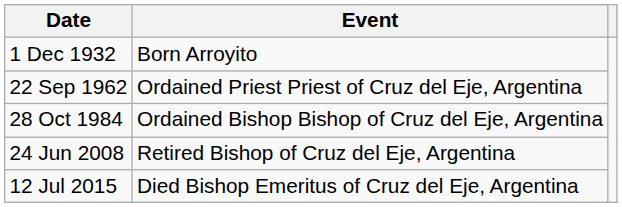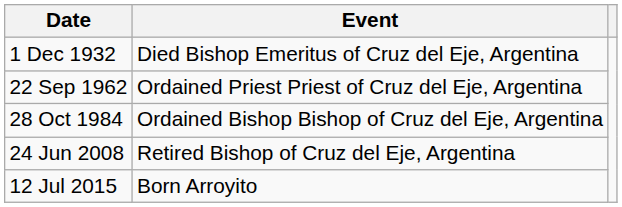 <table class="wikitable">
 <tr>
 <th>Date</th>
 <th>Event</th>
 <th></th>
 </tr>
 <tr>
 <td>1 Dec 1932</td>
-<td>Born Arroyito</td>
+<td>Died	Bishop Emeritus of Cruz del Eje, Argentina</td>
 </tr>
 <tr>
 <td>22 Sep 1962</td>
 <td>Ordained Priest Priest of Cruz del Eje, Argentina</td>
 </tr>
 <tr>
 <td>28 Oct 1984</td>
 <td>Ordained Bishop	Bishop of Cruz del Eje, Argentina</td>
 </tr>
 <tr>
 <td>24 Jun 2008</td>
 <td>Retired	Bishop of Cruz del Eje, Argentina</td>
 </tr>
 <tr>
 <td>12 Jul 2015</td>
-<td>Died	Bishop Emeritus of Cruz del Eje, Argentina</td>
+<td>Born Arroyito</td>
 </tr>
 </table>
